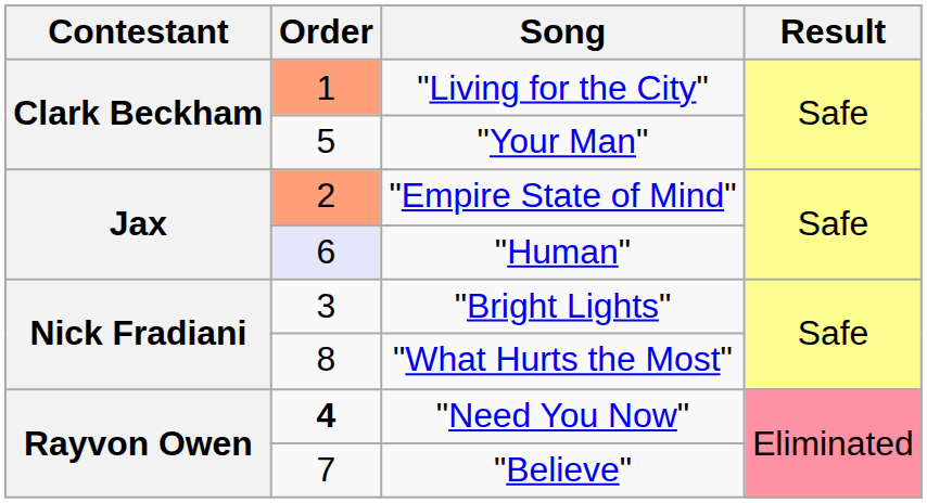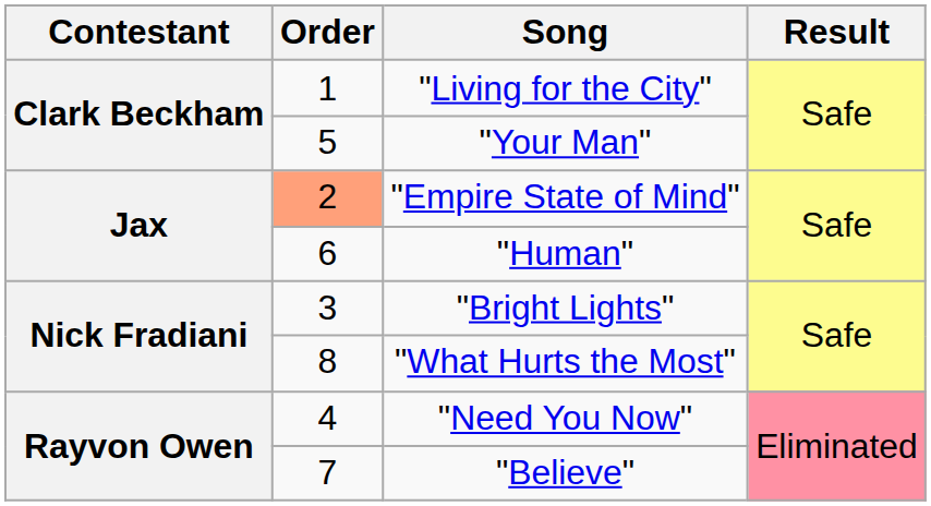 <table class="wikitable unsortable" style="text-align:center;">
 <tr>
 <th scope="col">Contestant</th>
 <th scope="col">Order</th>
 <th scope="col">Song</th>
 <th scope="col">Result</th>
 </tr>
 <tr>
 <th scope="row" rowspan="2">Clark Beckham</th>
-<td style="background: lightsalmon;">1</td>
+<td>1</td>
 <td>"<a href='#'>Living for the City</a>"</td>
 <td rowspan="2" style="background:#FDFC8F">Safe</td>
 </tr>
 <tr>
 <td>5</td>
 <td>"<a href='#'>Your Man</a>"</td>
 </tr>
 <tr>
 <th scope="row" rowspan="2">Jax</th>
 <td style="background: lightsalmon;">2</td>
 <td>"<a href='#'>Empire State of Mind</a>"</td>
 <td rowspan="2" style="background:#FDFC8F">Safe</td>
 </tr>
 <tr>
-<td style="background: lavender;">6</td>
+<td>6</td>
 <td>"<a href='#'>Human</a>"</td>
 </tr>
 <tr>
 <th scope="row" rowspan="2">Nick Fradiani</th>
 <td>3</td>
 <td>"<a href='#'>Bright Lights</a>"</td>
 <td rowspan="2" style="background:#FDFC8F">Safe</td>
 </tr>
 <tr>
 <td>8</td>
 <td>"<a href='#'>What Hurts the Most</a>"</td>
 </tr>
 <tr>
 <th scope="row" rowspan="2">Rayvon Owen</th>
-<td><strong>4</strong></td>
+<td>4</td>
 <td>"<a href='#'>Need You Now</a>"</td>
 <td rowspan="2" bgcolor="FF91A4">Eliminated</td>
 </tr>
 <tr>
 <td>7</td>
 <td>"<a href='#'>Believe</a>"</td>
 </tr>
 </table>
